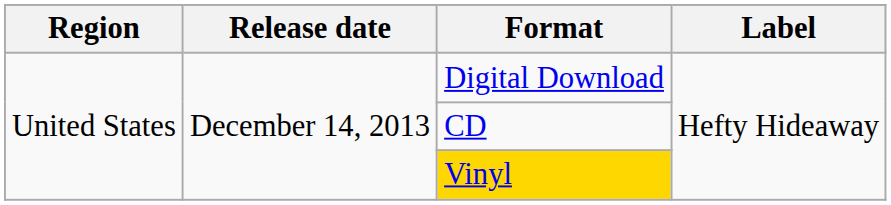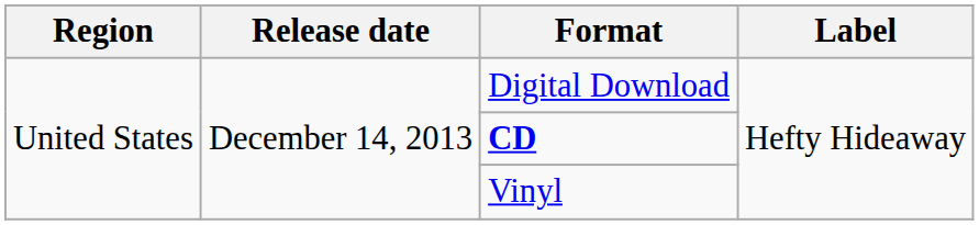 <table class="wikitable">
 <tr>
 <th>Region</th>
 <th>Release date</th>
 <th>Format</th>
 <th>Label</th>
 </tr>
 <tr>
 <td rowspan="3">United States</td>
 <td rowspan="3">December 14, 2013</td>
 <td><a href='#'>Digital Download</a></td>
 <td rowspan="3">Hefty Hideaway</td>
 </tr>
 <tr>
-<td><a href='#'>CD</a></td>
+<td><strong><a href='#'>CD</a></strong></td>
 </tr>
 <tr>
-<td style="background: gold;"><a href='#'>Vinyl</a></td>
+<td><a href='#'>Vinyl</a></td>
 </tr>
 </table>
